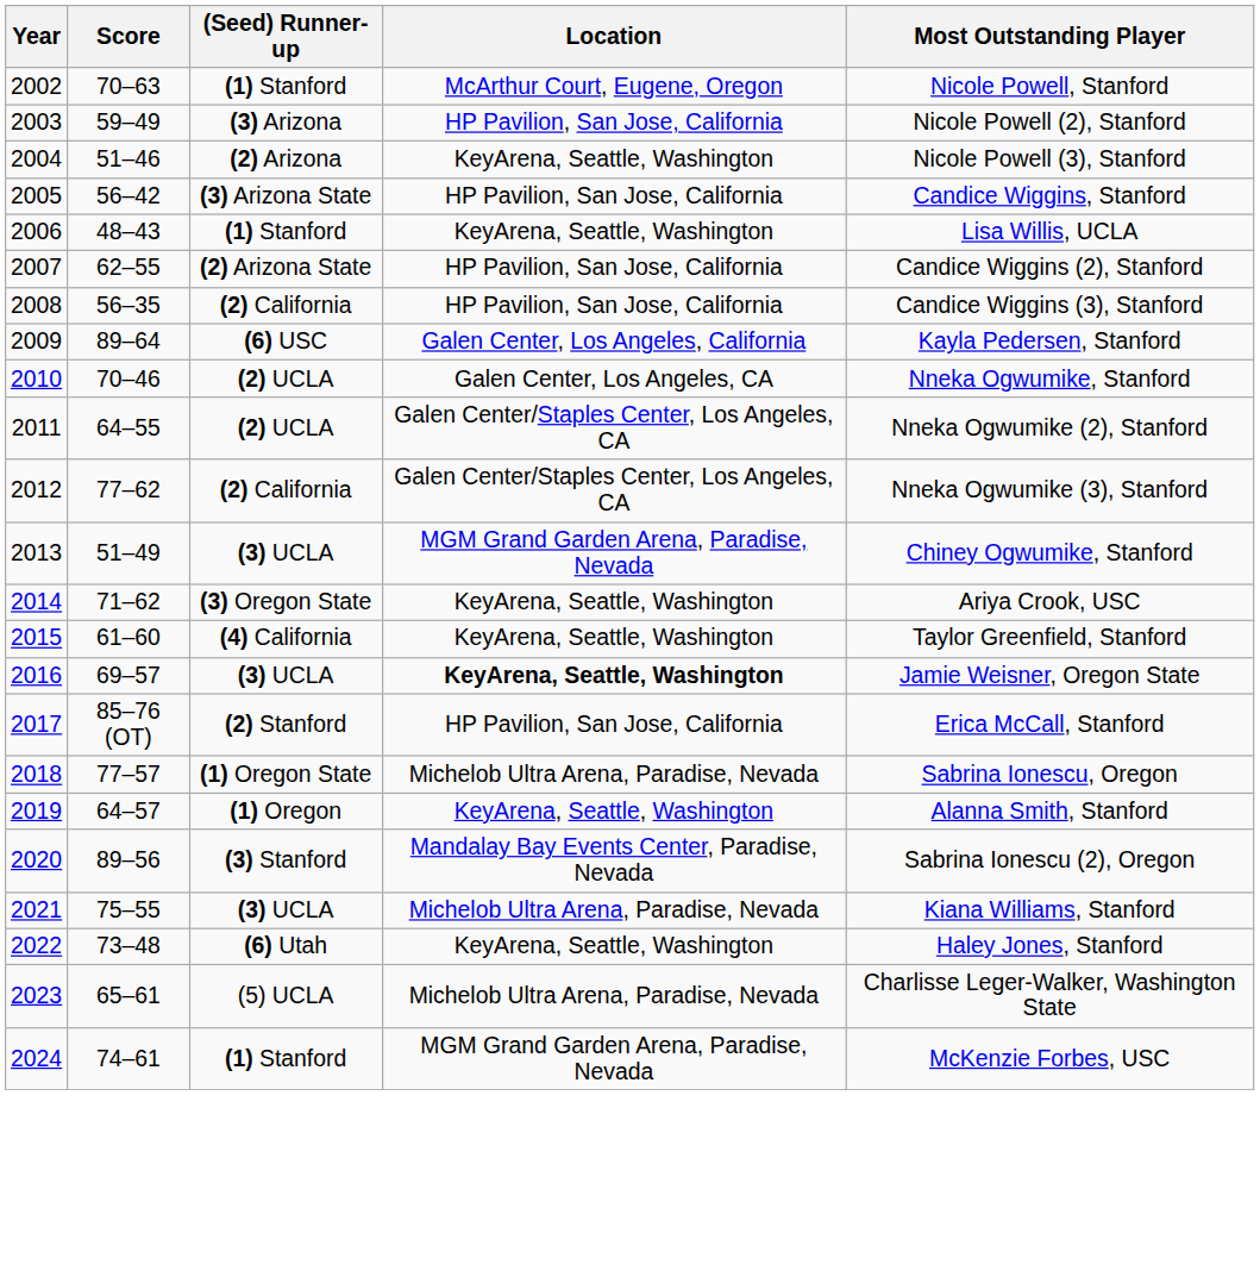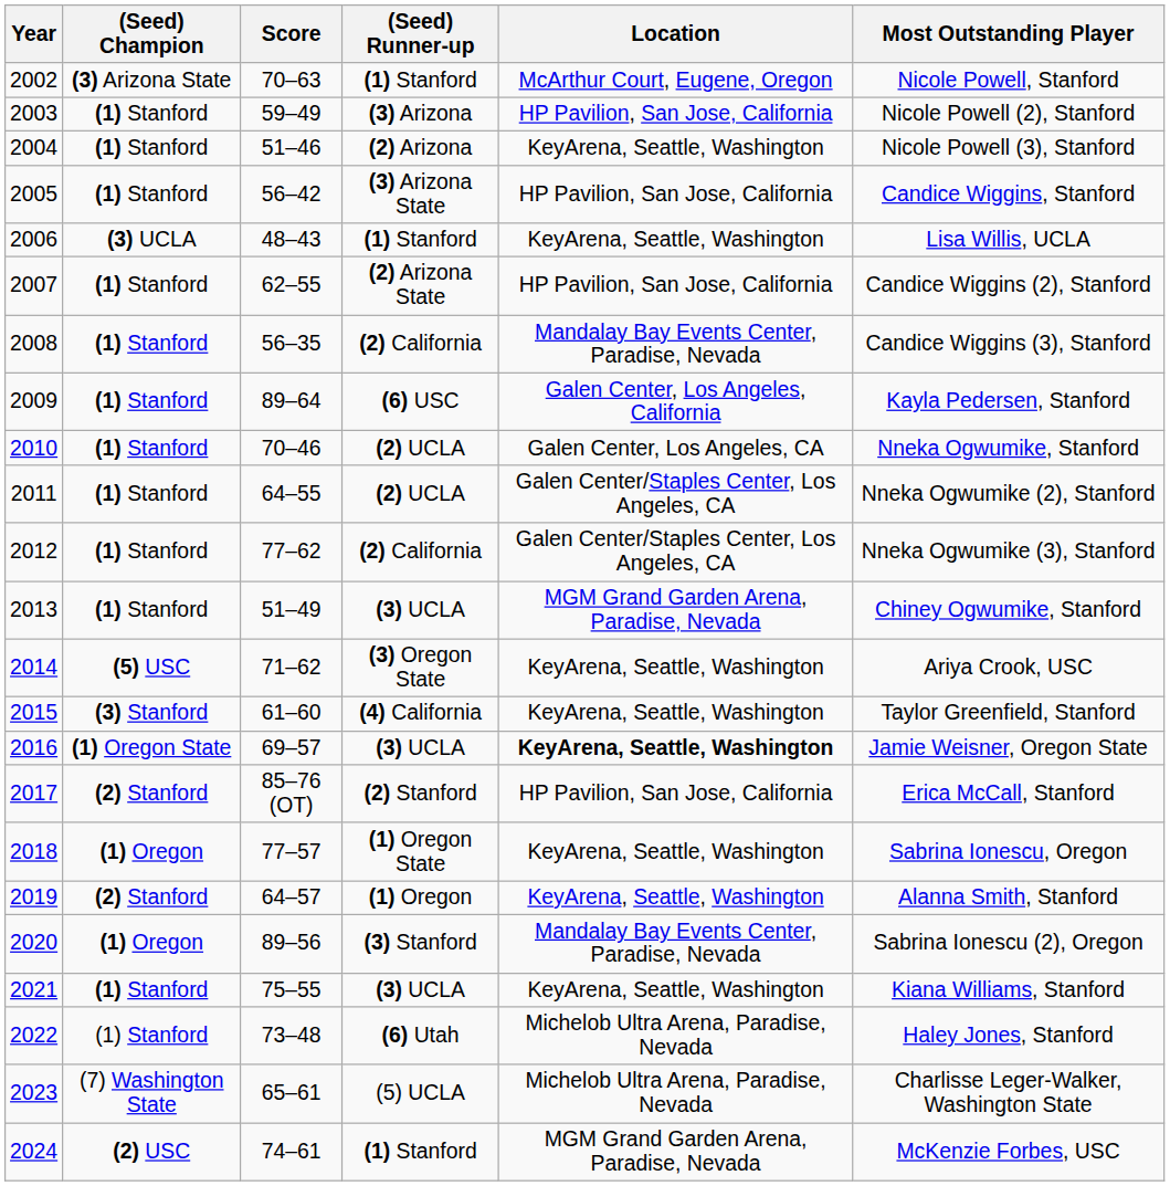 <table class="wikitable sortable" style="text-align:center">
 <tr>
 <th width=px>Year</th>
+<th width=px>(Seed) Champion</th>
 <th width=px>Score</th>
 <th width=px>(Seed) Runner-up</th>
 <th width=px>Location</th>
 <th width=px>Most Outstanding Player</th>
 </tr>
 <tr>
 <td>2002</td>
+<td><strong>(3)</strong> Arizona State</td>
 <td>70–63</td>
 <td><strong>(1)</strong> Stanford</td>
 <td><a href='#'>McArthur Court</a>, <a href='#'>Eugene, Oregon</a></td>
 <td><a href='#'>Nicole Powell</a>, Stanford</td>
 </tr>
 <tr>
 <td>2003</td>
+<td><strong>(1)</strong> Stanford</td>
 <td>59–49</td>
 <td><strong>(3)</strong> Arizona</td>
 <td><a href='#'>HP Pavilion</a>, <a href='#'>San Jose, California</a></td>
 <td>Nicole Powell (2), Stanford</td>
 </tr>
 <tr>
 <td>2004</td>
+<td><strong>(1)</strong> Stanford</td>
 <td>51–46</td>
 <td><strong>(2)</strong> Arizona</td>
 <td>KeyArena, Seattle, Washington</td>
 <td>Nicole Powell (3), Stanford</td>
 </tr>
 <tr>
 <td>2005</td>
+<td><strong>(1)</strong> Stanford</td>
 <td>56–42</td>
 <td><strong>(3)</strong> Arizona State</td>
 <td>HP Pavilion, San Jose, California</td>
 <td><a href='#'>Candice Wiggins</a>, Stanford</td>
 </tr>
 <tr>
 <td>2006</td>
+<td><strong>(3)</strong> UCLA</td>
 <td>48–43</td>
 <td><strong>(1)</strong> Stanford</td>
 <td>KeyArena, Seattle, Washington</td>
 <td><a href='#'>Lisa Willis</a>, UCLA</td>
 </tr>
 <tr>
 <td>2007</td>
+<td><strong>(1)</strong> Stanford</td>
 <td>62–55</td>
 <td><strong>(2)</strong> Arizona State</td>
 <td>HP Pavilion, San Jose, California</td>
 <td>Candice Wiggins (2), Stanford</td>
 </tr>
 <tr>
 <td>2008</td>
+<td><strong>(1)</strong> <a href='#'>Stanford</a></td>
 <td>56–35</td>
 <td><strong>(2)</strong> California</td>
-<td>HP Pavilion, San Jose, California</td>
+<td><a href='#'>Mandalay Bay Events Center</a>, Paradise, Nevada</td>
 <td>Candice Wiggins (3), Stanford</td>
 </tr>
 <tr>
 <td>2009</td>
+<td><strong>(1)</strong> <a href='#'>Stanford</a></td>
 <td>89–64</td>
 <td><strong>(6)</strong> USC</td>
 <td><a href='#'>Galen Center</a>, <a href='#'>Los Angeles</a>, <a href='#'>California</a></td>
 <td><a href='#'>Kayla Pedersen</a>, Stanford</td>
 </tr>
 <tr>
 <td><a href='#'>2010</a></td>
+<td><strong>(1)</strong> <a href='#'>Stanford</a></td>
 <td>70–46</td>
 <td><strong>(2)</strong> UCLA</td>
 <td>Galen Center, Los Angeles, CA</td>
 <td><a href='#'>Nneka Ogwumike</a>, Stanford</td>
 </tr>
 <tr>
 <td>2011</td>
+<td><strong>(1)</strong> Stanford</td>
 <td>64–55</td>
 <td><strong>(2)</strong> UCLA</td>
 <td>Galen Center/<a href='#'>Staples Center</a>, Los Angeles, CA</td>
 <td>Nneka Ogwumike (2), Stanford</td>
 </tr>
 <tr>
 <td>2012</td>
+<td><strong>(1)</strong> Stanford</td>
 <td>77–62</td>
 <td><strong>(2)</strong> California</td>
 <td>Galen Center/Staples Center, Los Angeles, CA</td>
 <td>Nneka Ogwumike (3), Stanford</td>
 </tr>
 <tr>
 <td>2013</td>
+<td><strong>(1)</strong> Stanford</td>
 <td>51–49</td>
 <td><strong>(3)</strong> UCLA</td>
 <td><a href='#'>MGM Grand Garden Arena</a>, <a href='#'>Paradise, Nevada</a></td>
 <td><a href='#'>Chiney Ogwumike</a>, Stanford</td>
 </tr>
 <tr>
 <td><a href='#'>2014</a></td>
+<td><strong>(5)</strong> <a href='#'>USC</a></td>
 <td>71–62</td>
 <td><strong>(3)</strong> Oregon State</td>
 <td>KeyArena, Seattle, Washington</td>
 <td>Ariya Crook, USC</td>
 </tr>
 <tr>
 <td><a href='#'>2015</a></td>
+<td><strong>(3)</strong> <a href='#'>Stanford</a></td>
 <td>61–60</td>
 <td><strong>(4)</strong> California</td>
 <td>KeyArena, Seattle, Washington</td>
 <td>Taylor Greenfield, Stanford</td>
 </tr>
 <tr>
 <td><a href='#'>2016</a></td>
+<td><strong>(1)</strong> <a href='#'>Oregon State</a></td>
 <td>69–57</td>
 <td><strong>(3)</strong> UCLA</td>
 <td><strong>KeyArena, Seattle, Washington</strong></td>
 <td><a href='#'>Jamie Weisner</a>, Oregon State</td>
 </tr>
 <tr>
 <td><a href='#'>2017</a></td>
+<td><strong>(2)</strong> <a href='#'>Stanford</a></td>
 <td>85–76 (OT)</td>
 <td><strong>(2)</strong> Stanford</td>
 <td>HP Pavilion, San Jose, California</td>
 <td><a href='#'>Erica McCall</a>, Stanford</td>
 </tr>
 <tr>
 <td><a href='#'>2018</a></td>
+<td><strong>(1)</strong> <a href='#'>Oregon</a></td>
 <td>77–57</td>
 <td><strong>(1)</strong> Oregon State</td>
-<td>Michelob Ultra Arena, Paradise, Nevada</td>
+<td>KeyArena, Seattle, Washington</td>
 <td><a href='#'>Sabrina Ionescu</a>, Oregon</td>
 </tr>
 <tr>
 <td><a href='#'>2019</a></td>
+<td><strong>(2)</strong> <a href='#'>Stanford</a></td>
 <td>64–57</td>
 <td><strong>(1)</strong> Oregon</td>
 <td><a href='#'>KeyArena</a>, <a href='#'>Seattle</a>, <a href='#'>Washington</a></td>
 <td><a href='#'>Alanna Smith</a>, Stanford</td>
 </tr>
 <tr>
 <td><a href='#'>2020</a></td>
+<td><strong>(1)</strong> <a href='#'>Oregon</a></td>
 <td>89–56</td>
 <td><strong>(3)</strong> Stanford</td>
 <td><a href='#'>Mandalay Bay Events Center</a>, Paradise, Nevada</td>
 <td>Sabrina Ionescu (2), Oregon</td>
 </tr>
 <tr>
 <td><a href='#'>2021</a></td>
+<td><strong>(1)</strong> <a href='#'>Stanford</a></td>
 <td>75–55</td>
 <td><strong>(3)</strong> UCLA</td>
-<td><a href='#'>Michelob Ultra Arena</a>, Paradise, Nevada</td>
+<td>KeyArena, Seattle, Washington</td>
 <td><a href='#'>Kiana Williams</a>, Stanford</td>
 </tr>
 <tr>
 <td><a href='#'>2022</a></td>
+<td>(1) <a href='#'>Stanford</a></td>
 <td>73–48</td>
 <td><strong>(6)</strong> Utah</td>
-<td>KeyArena, Seattle, Washington</td>
+<td>Michelob Ultra Arena, Paradise, Nevada</td>
 <td><a href='#'>Haley Jones</a>, Stanford</td>
 </tr>
 <tr>
 <td><a href='#'>2023</a></td>
+<td>(7) <a href='#'>Washington State</a></td>
 <td>65–61</td>
 <td>(5) UCLA</td>
 <td>Michelob Ultra Arena, Paradise, Nevada</td>
 <td>Charlisse Leger-Walker, Washington State</td>
 </tr>
 <tr>
 <td><a href='#'>2024</a></td>
+<td><strong>(2)</strong> <a href='#'>USC</a></td>
 <td>74–61</td>
 <td><strong>(1)</strong> Stanford</td>
 <td>MGM Grand Garden Arena, Paradise, Nevada</td>
 <td><a href='#'>McKenzie Forbes</a>, USC</td>
 </tr>
 </table>
